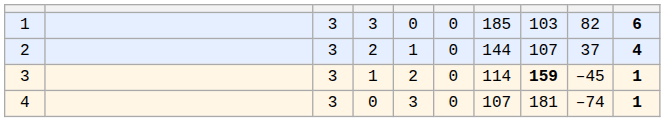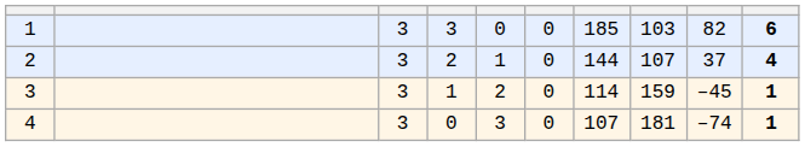 <table class="wikitable" style="text-align:center; font-size:95%">
 <tr>
 <th width="25"></th>
 <th width="200"></th>
 <th width="25"></th>
 <th width="25"></th>
 <th width="25"></th>
 <th width="25"></th>
 <th width="30"></th>
 <th width="30"></th>
 <th width="30"></th>
 <th width="30"></th>
 </tr>
 <tr style="background:#e6efff">
 <td>1</td>
 <td style="text-align:left"></td>
 <td>3</td>
 <td>3</td>
 <td>0</td>
 <td>0</td>
 <td>185</td>
 <td>103</td>
 <td>82</td>
 <td><strong>6</strong></td>
 </tr>
 <tr style="background:#e6efff">
 <td>2</td>
 <td style="text-align:left"></td>
 <td>3</td>
 <td>2</td>
 <td>1</td>
 <td>0</td>
 <td>144</td>
 <td>107</td>
 <td>37</td>
 <td><strong>4</strong></td>
 </tr>
 <tr style="background:#fff6e6">
 <td>3</td>
 <td style="text-align:left"></td>
 <td>3</td>
 <td>1</td>
 <td>2</td>
 <td>0</td>
 <td>114</td>
-<td><strong>159</strong></td>
+<td>159</td>
 <td>–45</td>
 <td><strong>1</strong></td>
 </tr>
 <tr style="background:#fff6e6">
 <td>4</td>
 <td style="text-align:left"></td>
 <td>3</td>
 <td>0</td>
 <td>3</td>
 <td>0</td>
 <td>107</td>
 <td>181</td>
 <td>–74</td>
 <td><strong>1</strong></td>
 </tr>
 </table>
